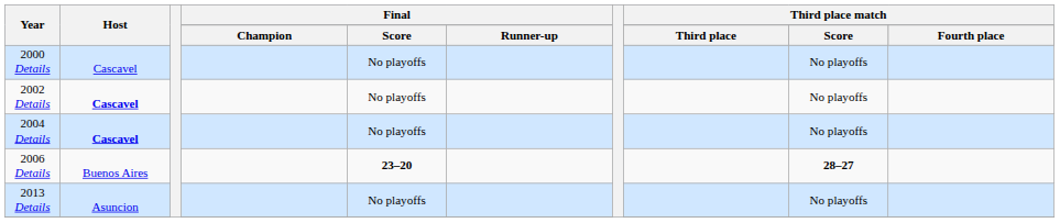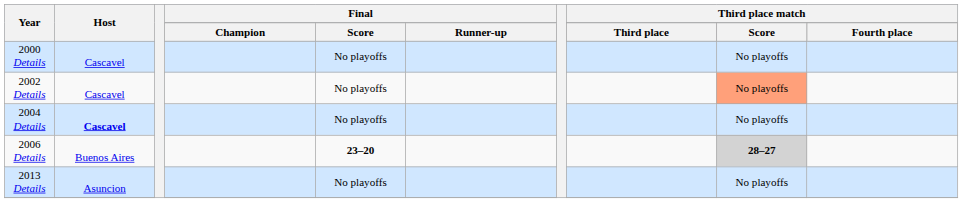 <table class="wikitable" style="font-size:90%; width: 98%; text-align: center;">
 <tr bgcolor=#C1D8FF>
 <th rowspan=2 width=5%>Year</th>
 <th rowspan=2 width=10%>Host</th>
 <th width=1% rowspan=100 bgcolor=ffffff></th>
 <th colspan=3>Final</th>
 <th width=1% rowspan=100 bgcolor=ffffff></th>
 <th colspan=3>Third place match</th>
 </tr>
 <tr bgcolor=FEF>
 <th width=15%>Champion</th>
 <th width=9%>Score</th>
 <th width=15%>Runner-up</th>
 <th width=15%>Third place</th>
 <th width=9%>Score</th>
 <th width=15%>Fourth place</th>
 </tr>
 <tr bgcolor=#D0E7FF>
 <td>2000<br><em><a href='#'>Details</a></em></td>
 <td><br><a href='#'>Cascavel</a></td>
 <td><strong></strong></td>
 <td><span>No playoffs</span></td>
 <td></td>
 <td></td>
 <td><span>No playoffs</span></td>
 <td></td>
 </tr>
 <tr>
 <td>2002<br><em><a href='#'>Details</a></em></td>
-<td><strong><br><a href='#'>Cascavel</a></strong></td>
+<td><br><a href='#'>Cascavel</a></td>
 <td><strong></strong></td>
 <td><span>No playoffs</span></td>
 <td></td>
 <td></td>
-<td><span>No playoffs</span></td>
+<td style="background: lightsalmon;"><span>No playoffs</span></td>
 <td></td>
 </tr>
 <tr bgcolor=#D0E7FF>
 <td>2004<br><em><a href='#'>Details</a></em></td>
 <td><strong><br><a href='#'>Cascavel</a></strong></td>
 <td><strong></strong></td>
 <td><span>No playoffs</span></td>
 <td></td>
 <td></td>
 <td><span>No playoffs</span></td>
 <td></td>
 </tr>
 <tr>
 <td>2006<br><em><a href='#'>Details</a></em></td>
 <td><br><a href='#'>Buenos Aires</a></td>
 <td><strong></strong></td>
 <td><strong> 23–20 </strong></td>
 <td></td>
 <td></td>
-<td><strong> 28–27 </strong></td>
+<td style="background: lightgrey;"><strong> 28–27 </strong></td>
 <td></td>
 </tr>
 <tr bgcolor=#D0E7FF>
 <td>2013<br><em><a href='#'>Details</a></em></td>
 <td><br><a href='#'>Asuncion</a></td>
 <td><strong></strong></td>
 <td><span>No playoffs</span></td>
 <td></td>
 <td></td>
 <td><span>No playoffs</span></td>
 <td></td>
 </tr>
 <tr>
 </tr>
 </table>
